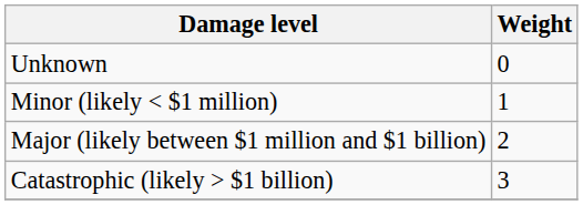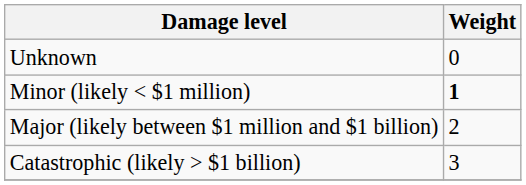 <table class="wikitable">
 <tr>
 <th>Damage level</th>
 <th>Weight</th>
 </tr>
 <tr>
 <td>Unknown</td>
 <td>0</td>
 </tr>
 <tr>
 <td>Minor (likely < $1 million)</td>
-<td>1</td>
+<td><strong>1</strong></td>
 </tr>
 <tr>
 <td>Major (likely between $1 million and $1 billion)</td>
 <td>2</td>
 </tr>
 <tr>
 <td>Catastrophic (likely > $1 billion)</td>
 <td>3</td>
 </tr>
 <tr>
 </tr>
 </table>
